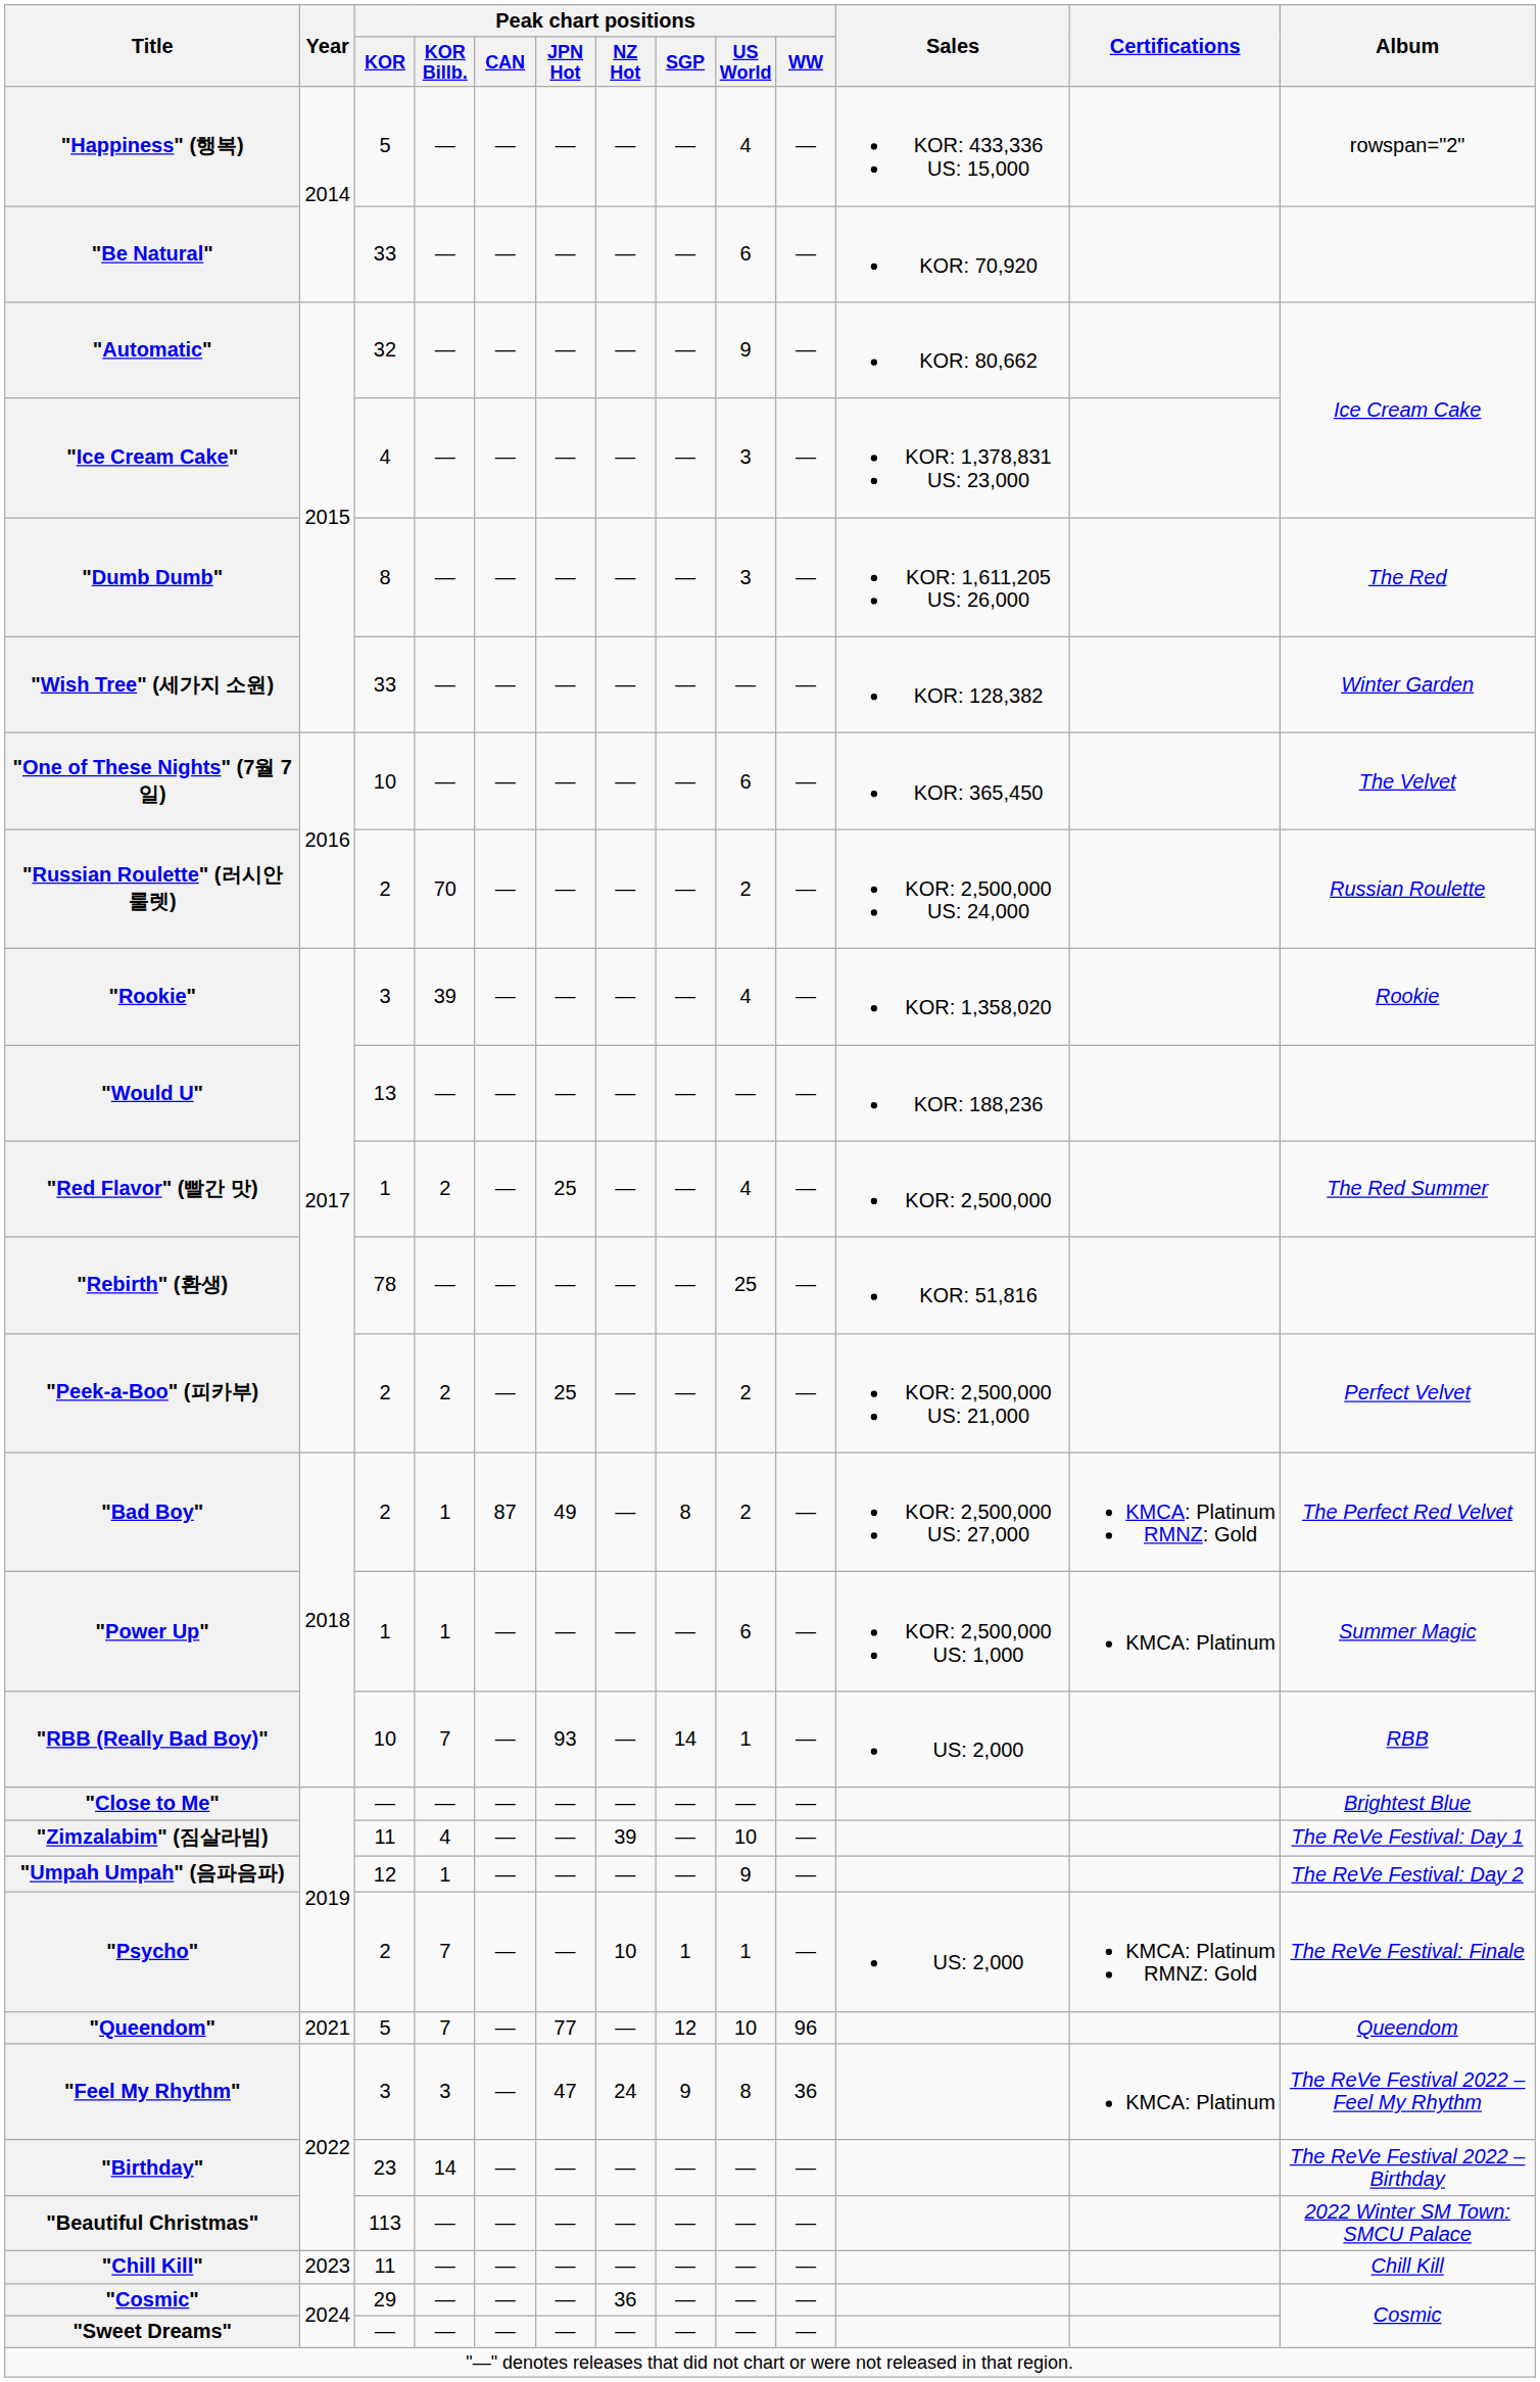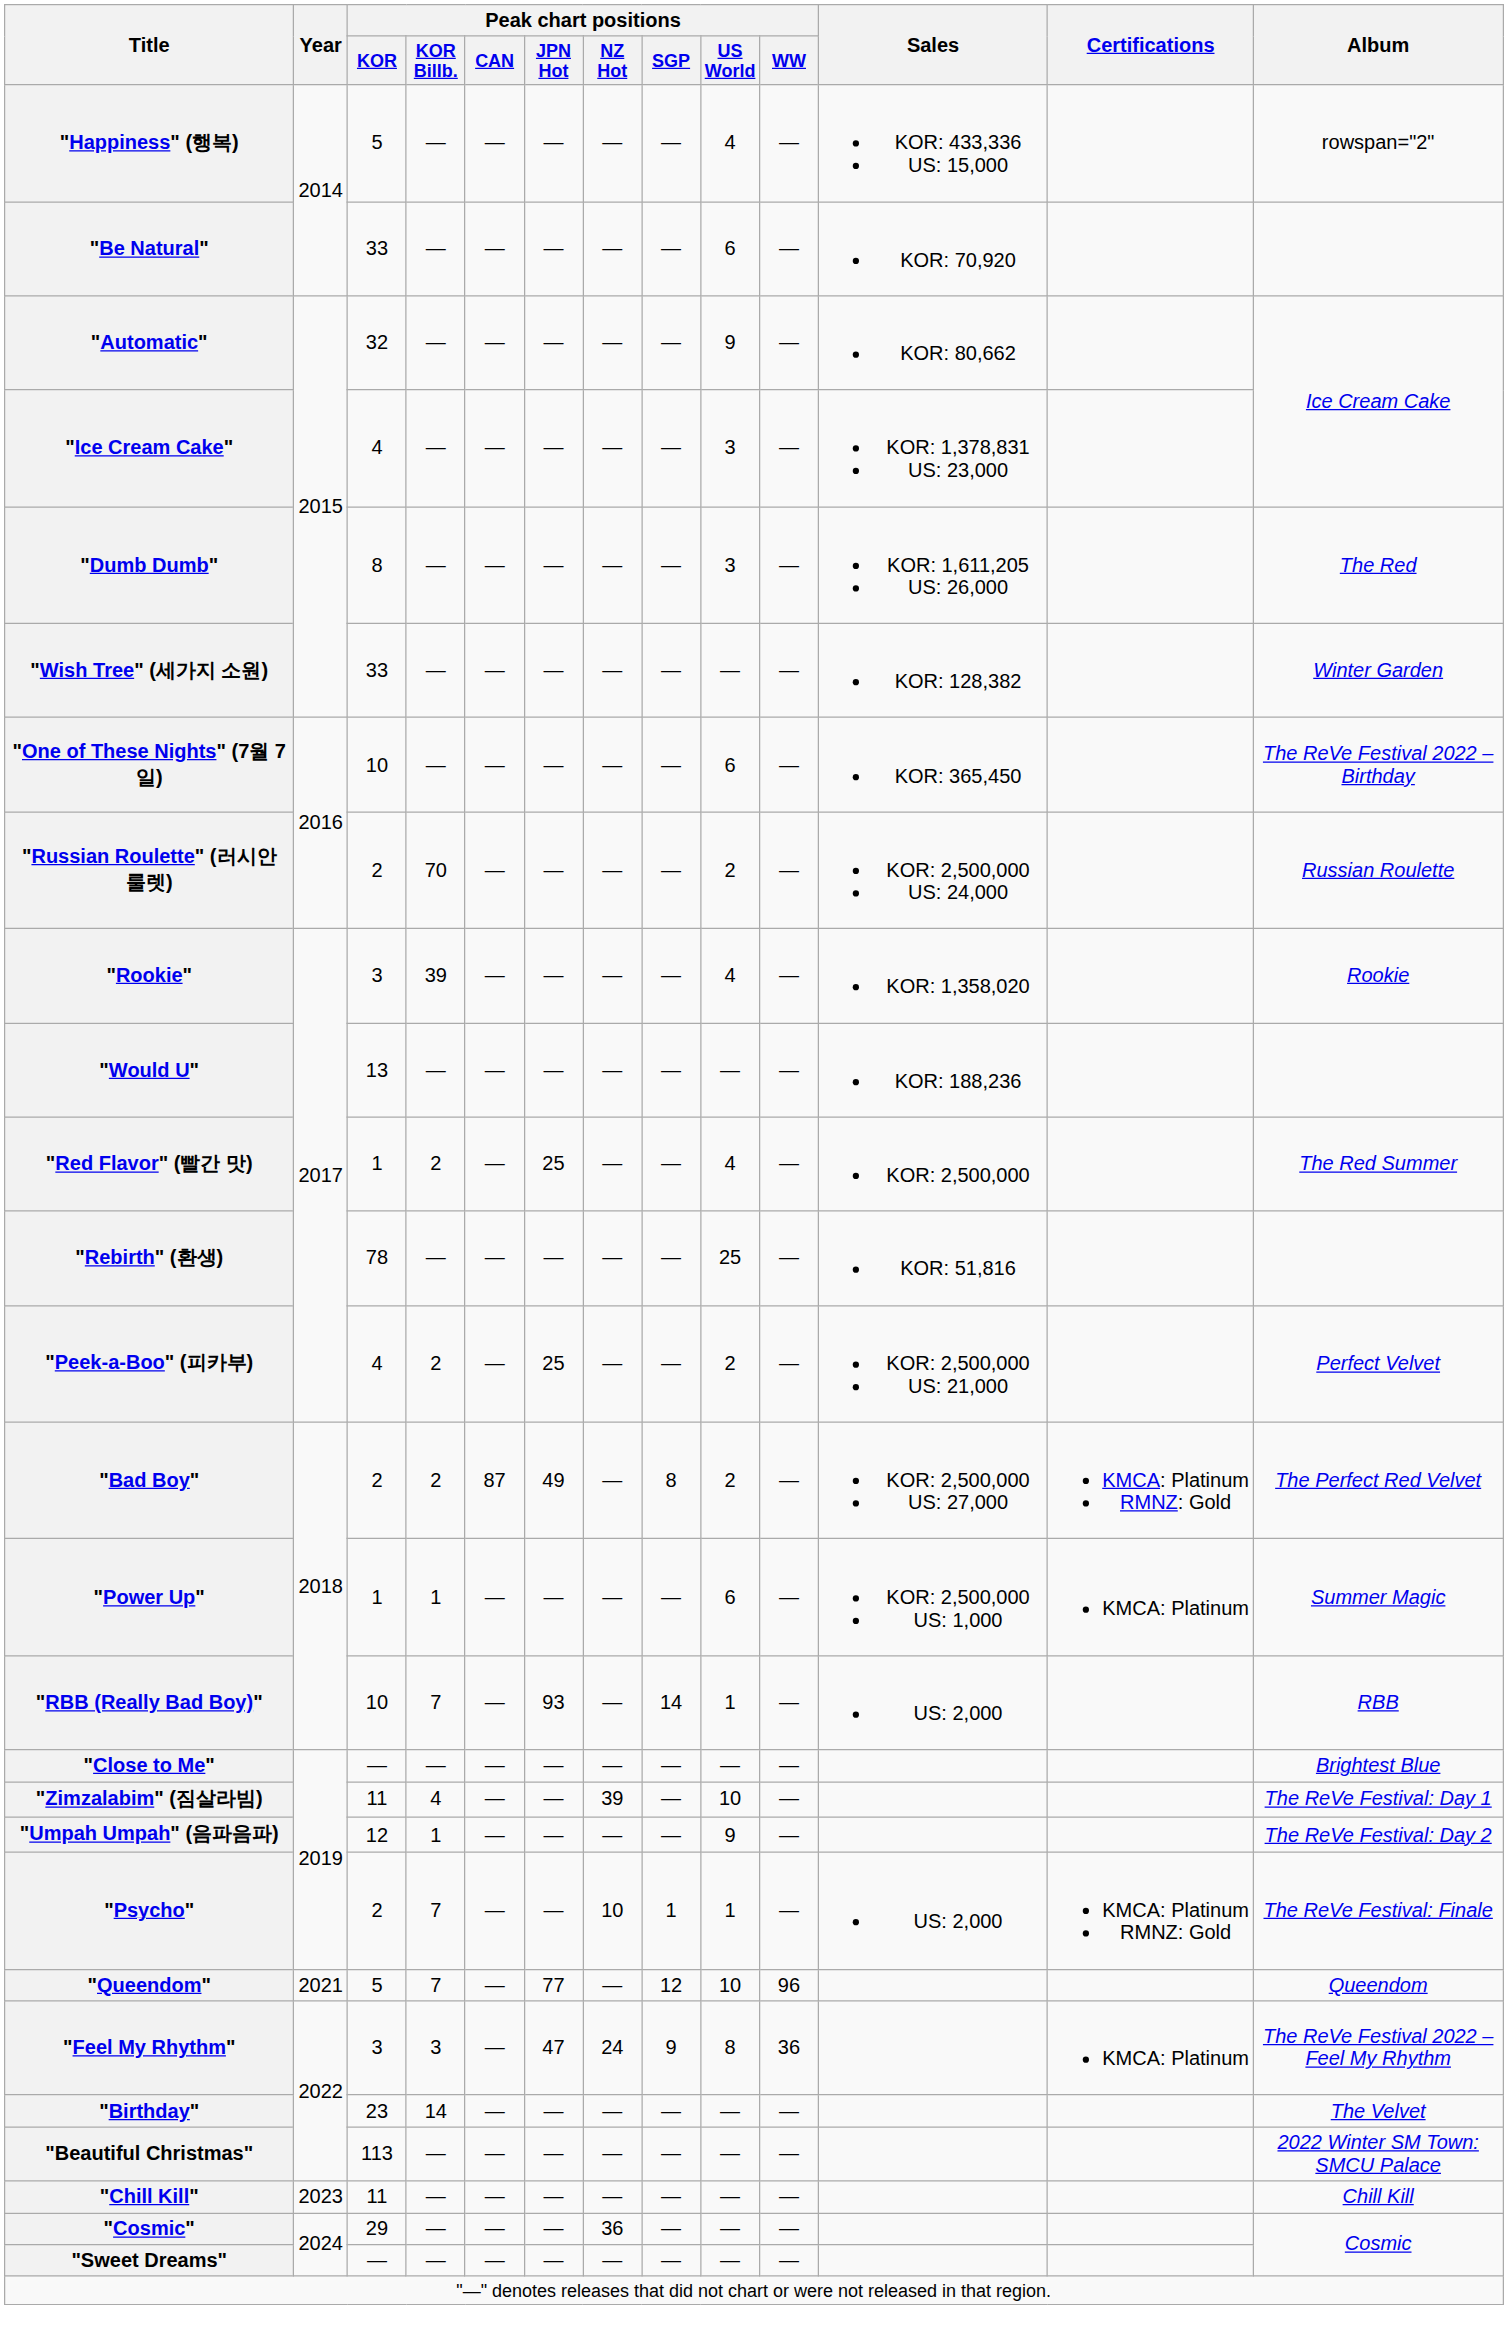 <table class="wikitable plainrowheaders" style="text-align:center">
 <tr>
 <th scope="col" rowspan="2" style="width:14em">Title</th>
 <th scope="col" rowspan="2">Year</th>
 <th scope="col" colspan="8">Peak chart positions</th>
 <th scope="col" rowspan="2" style="width:11em">Sales</th>
 <th scope="col" rowspan="2"><a href='#'>Certifications</a></th>
 <th scope="col" rowspan="2" style="width:12em">Album</th>
 </tr>
 <tr>
 <th scope="col" style="font-size:90%; width:2.8em"><a href='#'>KOR</a><br></th>
 <th scope="col" style="font-size:90%; width:2.8em"><a href='#'>KOR<br>Billb.</a><br></th>
 <th scope="col" style="font-size:90%; width:2.8em"><a href='#'>CAN</a><br></th>
 <th scope="col" style="font-size:90%; width:2.8em"><a href='#'>JPN Hot</a><br></th>
 <th scope="col" style="font-size:90%; width:2.8em"><a href='#'>NZ<br>Hot</a><br></th>
 <th scope="col" style="font-size:90%; width:2.8em"><a href='#'>SGP</a><br></th>
 <th scope="col" style="font-size:90%; width:2.8em"><a href='#'>US World</a><br></th>
 <th scope="col" style="width:2.8em;font-size:90%"><a href='#'>WW</a><br></th>
 </tr>
 <tr>
 <th scope="row">"<a href='#'>Happiness</a>" (행복)</th>
 <td rowspan="2">2014</td>
 <td>5</td>
 <td>—</td>
 <td>—</td>
 <td>—</td>
 <td>—</td>
 <td>—</td>
 <td>4</td>
 <td>—</td>
 <td><br><ul><li>KOR: 433,336</li><li>US: 15,000</li></ul></td>
 <td></td>
 <td>rowspan="2" </td>
 </tr>
 <tr>
 <th scope="row">"<a href='#'>Be Natural</a>"<br></th>
 <td>33</td>
 <td>—</td>
 <td>—</td>
 <td>—</td>
 <td>—</td>
 <td>—</td>
 <td>6</td>
 <td>—</td>
 <td><br><ul><li>KOR: 70,920</li></ul></td>
 <td></td>
 </tr>
 <tr>
 <th scope="row">"<a href='#'>Automatic</a>"</th>
 <td rowspan="4">2015</td>
 <td>32</td>
 <td>—</td>
 <td>—</td>
 <td>—</td>
 <td>—</td>
 <td>—</td>
 <td>9</td>
 <td>—</td>
 <td><br><ul><li>KOR: 80,662</li></ul></td>
 <td></td>
 <td rowspan="2"><em><a href='#'>Ice Cream Cake</a></em></td>
 </tr>
 <tr>
 <th scope="row">"<a href='#'>Ice Cream Cake</a>"</th>
 <td>4</td>
 <td>—</td>
 <td>—</td>
 <td>—</td>
 <td>—</td>
 <td>—</td>
 <td>3</td>
 <td>—</td>
 <td><br><ul><li>KOR: 1,378,831</li><li>US: 23,000</li></ul></td>
 <td></td>
 </tr>
 <tr>
 <th scope="row">"<a href='#'>Dumb Dumb</a>"</th>
 <td>8</td>
 <td>—</td>
 <td>—</td>
 <td>—</td>
 <td>—</td>
 <td>—</td>
 <td>3</td>
 <td>—</td>
 <td><br><ul><li>KOR: 1,611,205</li><li>US: 26,000</li></ul></td>
 <td></td>
 <td><em><a href='#'>The Red</a></em></td>
 </tr>
 <tr>
 <th scope="row">"<a href='#'>Wish Tree</a>" (세가지 소원)</th>
 <td>33</td>
 <td>—</td>
 <td>—</td>
 <td>—</td>
 <td>—</td>
 <td>—</td>
 <td>—</td>
 <td>—</td>
 <td><br><ul><li>KOR: 128,382</li></ul></td>
 <td></td>
 <td><em><a href='#'>Winter Garden</a></em></td>
 </tr>
 <tr>
 <th scope="row">"<a href='#'>One of These Nights</a>" (7월 7일)</th>
 <td rowspan="2">2016</td>
 <td>10</td>
 <td>—</td>
 <td>—</td>
 <td>—</td>
 <td>—</td>
 <td>—</td>
 <td>6</td>
 <td>—</td>
 <td><br><ul><li>KOR: 365,450</li></ul></td>
 <td></td>
-<td><em><a href='#'>The Velvet</a></em></td>
+<td><em><a href='#'>The ReVe Festival 2022 – Birthday</a></em></td>
 </tr>
 <tr>
 <th scope="row">"<a href='#'>Russian Roulette</a>" (러시안 룰렛)</th>
 <td>2</td>
 <td>70</td>
 <td>—</td>
 <td>—</td>
 <td>—</td>
 <td>—</td>
 <td>2</td>
 <td>—</td>
 <td><br><ul><li>KOR: 2,500,000</li><li>US: 24,000</li></ul></td>
 <td></td>
 <td><em><a href='#'>Russian Roulette</a></em></td>
 </tr>
 <tr>
 <th scope="row">"<a href='#'>Rookie</a>"</th>
 <td rowspan="5">2017</td>
 <td>3</td>
 <td>39</td>
 <td>—</td>
 <td>—</td>
 <td>—</td>
 <td>—</td>
 <td>4</td>
 <td>—</td>
 <td><br><ul><li>KOR: 1,358,020</li></ul></td>
 <td></td>
 <td><em><a href='#'>Rookie</a></em></td>
 </tr>
 <tr>
 <th scope="row">"<a href='#'>Would U</a>"</th>
 <td>13</td>
 <td>—</td>
 <td>—</td>
 <td>—</td>
 <td>—</td>
 <td>—</td>
 <td>—</td>
 <td>—</td>
 <td><br><ul><li>KOR: 188,236</li></ul></td>
 <td></td>
 <td></td>
 </tr>
 <tr>
 <th scope="row">"<a href='#'>Red Flavor</a>" (빨간 맛)</th>
 <td>1</td>
 <td>2</td>
 <td>—</td>
 <td>25</td>
 <td>—</td>
 <td>—</td>
 <td>4</td>
 <td>—</td>
 <td><br><ul><li>KOR: 2,500,000</li></ul></td>
 <td></td>
 <td><em><a href='#'>The Red Summer</a></em></td>
 </tr>
 <tr>
 <th scope="row">"<a href='#'>Rebirth</a>" (환생)</th>
 <td>78</td>
 <td>—</td>
 <td>—</td>
 <td>—</td>
 <td>—</td>
 <td>—</td>
 <td>25</td>
 <td>—</td>
 <td><br><ul><li>KOR: 51,816</li></ul></td>
 <td></td>
 <td></td>
 </tr>
 <tr>
 <th scope="row">"<a href='#'>Peek-a-Boo</a>" (피카부)</th>
-<td>2</td>
+<td>4</td>
 <td>2</td>
 <td>—</td>
 <td>25</td>
 <td>—</td>
 <td>—</td>
 <td>2</td>
 <td>—</td>
 <td><br><ul><li>KOR: 2,500,000</li><li>US: 21,000</li></ul></td>
 <td></td>
 <td><em><a href='#'>Perfect Velvet</a></em></td>
 </tr>
 <tr>
 <th scope="row">"<a href='#'>Bad Boy</a>"</th>
 <td rowspan="3">2018</td>
 <td>2</td>
-<td>1</td>
+<td>2</td>
 <td>87</td>
 <td>49</td>
 <td>—</td>
 <td>8</td>
 <td>2</td>
 <td>—</td>
 <td><br><ul><li>KOR: 2,500,000</li><li>US: 27,000</li></ul></td>
 <td><br><ul><li><a href='#'>KMCA</a>: Platinum</li><li><a href='#'>RMNZ</a>: Gold</li></ul></td>
 <td><em><a href='#'>The Perfect Red Velvet</a></em></td>
 </tr>
 <tr>
 <th scope="row">"<a href='#'>Power Up</a>"</th>
 <td>1</td>
 <td>1</td>
 <td>—</td>
 <td>—</td>
 <td>—</td>
 <td>—</td>
 <td>6</td>
 <td>—</td>
 <td><br><ul><li>KOR: 2,500,000</li><li>US: 1,000</li></ul></td>
 <td><br><ul><li>KMCA: Platinum</li></ul></td>
 <td><em><a href='#'>Summer Magic</a></em></td>
 </tr>
 <tr>
 <th scope="row">"<a href='#'>RBB (Really Bad Boy)</a>"</th>
 <td>10</td>
 <td>7</td>
 <td>—</td>
 <td>93</td>
 <td>—</td>
 <td>14</td>
 <td>1</td>
 <td>—</td>
 <td><br><ul><li>US: 2,000</li></ul></td>
 <td></td>
 <td><em><a href='#'>RBB</a></em></td>
 </tr>
 <tr>
 <th scope="row">"<a href='#'>Close to Me</a>" <br></th>
 <td rowspan="4">2019</td>
 <td>—</td>
 <td>—</td>
 <td>—</td>
 <td>—</td>
 <td>—</td>
 <td>—</td>
 <td>—</td>
 <td>—</td>
 <td></td>
 <td></td>
 <td><em><a href='#'>Brightest Blue</a></em></td>
 </tr>
 <tr>
 <th scope="row">"<a href='#'>Zimzalabim</a>" (짐살라빔)</th>
 <td>11</td>
 <td>4</td>
 <td>—</td>
 <td>—</td>
 <td>39</td>
 <td>—</td>
 <td>10</td>
 <td>—</td>
 <td></td>
 <td></td>
 <td><em><a href='#'>The ReVe Festival: Day 1</a></em></td>
 </tr>
 <tr>
 <th scope="row">"<a href='#'>Umpah Umpah</a>" (음파음파)</th>
 <td>12</td>
 <td>1</td>
 <td>—</td>
 <td>—</td>
 <td>—</td>
 <td>—</td>
 <td>9</td>
 <td>—</td>
 <td></td>
 <td></td>
 <td><em><a href='#'>The ReVe Festival: Day 2</a></em></td>
 </tr>
 <tr>
 <th scope="row">"<a href='#'>Psycho</a>"</th>
 <td>2</td>
 <td>7</td>
 <td>—</td>
 <td>—</td>
 <td>10</td>
 <td>1</td>
 <td>1</td>
 <td>—</td>
 <td><br><ul><li>US: 2,000</li></ul></td>
 <td><br><ul><li>KMCA: Platinum</li><li>RMNZ: Gold</li></ul></td>
 <td><em><a href='#'>The ReVe Festival: Finale</a></em></td>
 </tr>
 <tr>
 <th scope="row">"<a href='#'>Queendom</a>"</th>
 <td>2021</td>
 <td>5</td>
 <td>7</td>
 <td>—</td>
 <td>77</td>
 <td>—</td>
 <td>12</td>
 <td>10</td>
 <td>96</td>
 <td></td>
 <td></td>
 <td><em><a href='#'>Queendom</a></em></td>
 </tr>
 <tr>
 <th scope="row">"<a href='#'>Feel My Rhythm</a>"</th>
 <td rowspan="3">2022</td>
 <td>3</td>
 <td>3</td>
 <td>—</td>
 <td>47</td>
 <td>24</td>
 <td>9</td>
 <td>8</td>
 <td>36</td>
 <td></td>
 <td><br><ul><li>KMCA: Platinum</li></ul></td>
 <td><em><a href='#'>The ReVe Festival 2022 – Feel My Rhythm</a></em></td>
 </tr>
 <tr>
 <th scope="row">"<a href='#'>Birthday</a>"</th>
 <td>23</td>
 <td>14</td>
 <td>—</td>
 <td>—</td>
 <td>—</td>
 <td>—</td>
 <td>—</td>
 <td>—</td>
 <td></td>
 <td></td>
-<td><em><a href='#'>The ReVe Festival 2022 – Birthday</a></em></td>
+<td><em><a href='#'>The Velvet</a></em></td>
 </tr>
 <tr>
 <th scope="row">"Beautiful Christmas"<br></th>
 <td>113</td>
 <td>—</td>
 <td>—</td>
 <td>—</td>
 <td>—</td>
 <td>—</td>
 <td>—</td>
 <td>—</td>
 <td></td>
 <td></td>
 <td><em><a href='#'>2022 Winter SM Town: SMCU Palace</a></em></td>
 </tr>
 <tr>
 <th scope="row">"<a href='#'>Chill Kill</a>"</th>
 <td>2023</td>
 <td>11</td>
 <td>—</td>
 <td>—</td>
 <td>—</td>
 <td>—</td>
 <td>—</td>
 <td>—</td>
 <td>—</td>
 <td></td>
 <td></td>
 <td><em><a href='#'>Chill Kill</a></em></td>
 </tr>
 <tr>
 <th scope="row">"<a href='#'>Cosmic</a>"</th>
 <td rowspan="2">2024</td>
 <td>29</td>
 <td>—</td>
 <td>—</td>
 <td>—</td>
 <td>36</td>
 <td>—</td>
 <td>—</td>
 <td>—</td>
 <td></td>
 <td></td>
 <td rowspan="2"><em><a href='#'>Cosmic</a></em></td>
 </tr>
 <tr>
 <th scope="row">"Sweet Dreams"</th>
 <td>—</td>
 <td>—</td>
 <td>—</td>
 <td>—</td>
 <td>—</td>
 <td>—</td>
 <td>—</td>
 <td>—</td>
 <td></td>
 <td></td>
 </tr>
 <tr>
 <td colspan="13" style="font-size:90%">"—" denotes releases that did not chart or were not released in that region.</td>
 </tr>
 </table>
